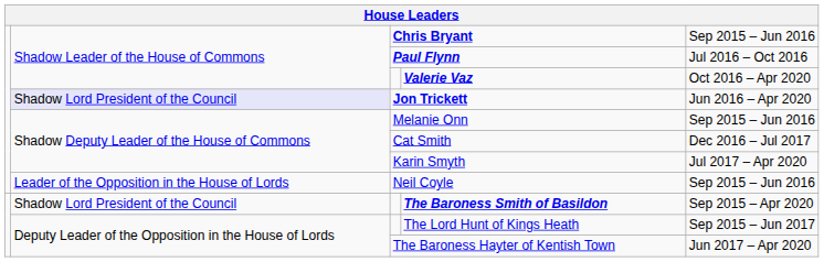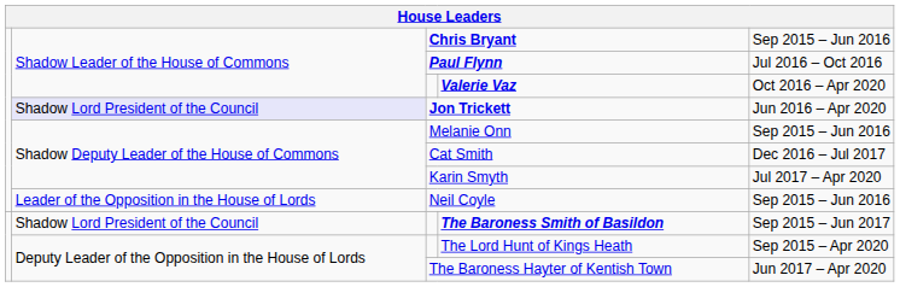 <table class="wikitable">
 <tr>
 <th colspan="5"><a href='#'>House Leaders</a></th>
 </tr>
 <tr>
 <td rowspan="8" style="background: "></td>
 <td rowspan="3" style="width: 445px;"><a href='#'>Shadow Leader of the House of Commons</a></td>
 <td colspan="2" style="width: 350px;"><strong><a href='#'>Chris Bryant</a></strong></td>
 <td>Sep 2015 – Jun 2016</td>
 </tr>
 <tr>
 <td colspan="2"><a href='#'><strong><em>Paul Flynn</em></strong></a></td>
 <td>Jul 2016 – Oct 2016</td>
 </tr>
 <tr>
 <td style="background: "></td>
 <td><strong><em><a href='#'>Valerie Vaz</a></em></strong></td>
 <td>Oct 2016 – Apr 2020</td>
 </tr>
 <tr>
 <td style="background: lavender;">Shadow <a href='#'>Lord President of the Council</a></td>
 <td colspan="2"><strong><a href='#'>Jon Trickett</a></strong></td>
 <td>Jun 2016 – Apr 2020</td>
 </tr>
 <tr>
 <td rowspan="3">Shadow <a href='#'>Deputy Leader of the House of Commons</a></td>
 <td colspan="2"><a href='#'>Melanie Onn</a></td>
 <td>Sep 2015 – Jun 2016</td>
 </tr>
 <tr>
 <td colspan="2"><a href='#'>Cat Smith</a></td>
 <td>Dec 2016 – Jul 2017</td>
 </tr>
 <tr>
 <td colspan="2"><a href='#'>Karin Smyth</a></td>
 <td>Jul 2017 – Apr 2020</td>
 </tr>
 <tr>
 <td style="width: 450px;"><a href='#'>Leader of the Opposition in the House of Lords</a></td>
 <td colspan="2"><a href='#'>Neil Coyle</a></td>
 <td>Sep 2015 – Jun 2016</td>
 </tr>
 <tr>
 <td rowspan="3" style="background: "></td>
 <td>Shadow <a href='#'>Lord President of the Council</a></td>
 <td style="background: "></td>
 <td style="width: 337px;"><strong><em><a href='#'>The Baroness Smith of Basildon</a></em></strong></td>
-<td>Sep 2015 – Apr 2020</td>
+<td>Sep 2015 – Jun 2017</td>
 </tr>
 <tr>
 <td rowspan="2">Deputy Leader of the Opposition in the House of Lords</td>
 <td style="background: "></td>
 <td><a href='#'>The Lord Hunt of Kings Heath</a></td>
-<td>Sep 2015 – Jun 2017</td>
+<td>Sep 2015 – Apr 2020</td>
 </tr>
 <tr>
 <td colspan="2"><a href='#'>The Baroness Hayter of Kentish Town</a></td>
 <td>Jun 2017 – Apr 2020</td>
 </tr>
 </table>
